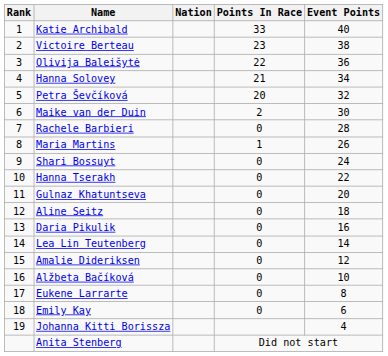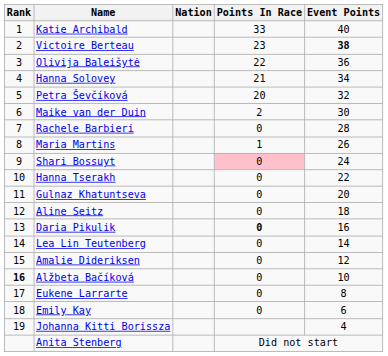 <table class="wikitable sortable" style="text-align:center">
 <tr>
 <th>Rank</th>
 <th>Name</th>
 <th>Nation</th>
 <th>Points In Race</th>
 <th>Event Points</th>
 </tr>
 <tr>
 <td>1</td>
 <td align=left><a href='#'>Katie Archibald</a></td>
 <td align=left></td>
 <td>33</td>
 <td>40</td>
 </tr>
 <tr>
 <td>2</td>
 <td align=left><a href='#'>Victoire Berteau</a></td>
 <td align=left></td>
 <td>23</td>
-<td>38</td>
+<td><strong>38</strong></td>
 </tr>
 <tr>
 <td>3</td>
 <td align=left><a href='#'>Olivija Baleišytė</a></td>
 <td align=left></td>
 <td>22</td>
 <td>36</td>
 </tr>
 <tr>
 <td>4</td>
 <td align=left><a href='#'>Hanna Solovey</a></td>
 <td align=left></td>
 <td>21</td>
 <td>34</td>
 </tr>
 <tr>
 <td>5</td>
 <td align=left><a href='#'>Petra Ševčíková</a></td>
 <td align=left></td>
 <td>20</td>
 <td>32</td>
 </tr>
 <tr>
 <td>6</td>
 <td align=left><a href='#'>Maike van der Duin</a></td>
 <td align=left></td>
 <td>2</td>
 <td>30</td>
 </tr>
 <tr>
 <td>7</td>
 <td align=left><a href='#'>Rachele Barbieri</a></td>
 <td align=left></td>
 <td>0</td>
 <td>28</td>
 </tr>
 <tr>
 <td>8</td>
 <td align=left><a href='#'>Maria Martins</a></td>
 <td align=left></td>
 <td>1</td>
 <td>26</td>
 </tr>
 <tr>
 <td>9</td>
 <td align=left><a href='#'>Shari Bossuyt</a></td>
 <td align=left></td>
-<td>0</td>
+<td style="background: pink;">0</td>
 <td>24</td>
 </tr>
 <tr>
 <td>10</td>
 <td align=left><a href='#'>Hanna Tserakh</a></td>
 <td align=left></td>
 <td>0</td>
 <td>22</td>
 </tr>
 <tr>
 <td>11</td>
 <td align=left><a href='#'>Gulnaz Khatuntseva</a></td>
 <td align=left></td>
 <td>0</td>
 <td>20</td>
 </tr>
 <tr>
 <td>12</td>
 <td align=left><a href='#'>Aline Seitz</a></td>
 <td align=left></td>
 <td>0</td>
 <td>18</td>
 </tr>
 <tr>
 <td>13</td>
 <td align=left><a href='#'>Daria Pikulik</a></td>
 <td align=left></td>
-<td>0</td>
+<td><strong>0</strong></td>
 <td>16</td>
 </tr>
 <tr>
 <td>14</td>
 <td align=left><a href='#'>Lea Lin Teutenberg</a></td>
 <td align=left></td>
 <td>0</td>
 <td>14</td>
 </tr>
 <tr>
 <td>15</td>
 <td align=left><a href='#'>Amalie Dideriksen</a></td>
 <td align=left></td>
 <td>0</td>
 <td>12</td>
 </tr>
 <tr>
-<td>16</td>
+<td><strong>16</strong></td>
 <td align=left><a href='#'>Alžbeta Bačíková</a></td>
 <td align=left></td>
 <td>0</td>
 <td>10</td>
 </tr>
 <tr>
 <td>17</td>
 <td align=left><a href='#'>Eukene Larrarte</a></td>
 <td align=left></td>
 <td>0</td>
 <td>8</td>
 </tr>
 <tr>
 <td>18</td>
 <td align=left><a href='#'>Emily Kay</a></td>
 <td align=left></td>
 <td>0</td>
 <td>6</td>
 </tr>
 <tr>
 <td>19</td>
 <td align=left><a href='#'>Johanna Kitti Borissza</a></td>
 <td align=left></td>
 <td></td>
 <td>4</td>
 </tr>
 <tr>
 <td></td>
 <td align=left><a href='#'>Anita Stenberg</a></td>
 <td align=left></td>
 <td colspan=2>Did not start</td>
 </tr>
 </table>
